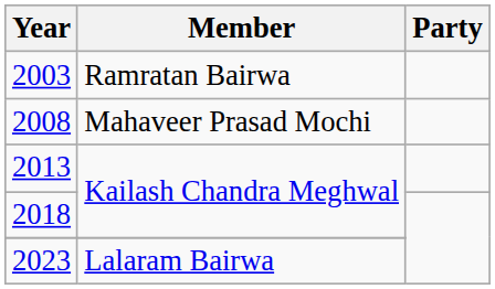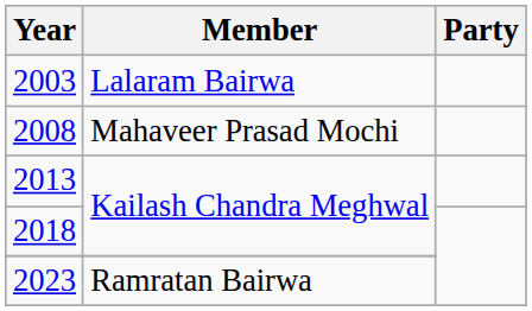 <table class="wikitable sortable">
 <tr>
 <th>Year</th>
 <th>Member</th>
 <th colspan="2">Party</th>
 </tr>
 <tr>
 <td><a href='#'>2003</a></td>
-<td>Ramratan Bairwa</td>
+<td><a href='#'>Lalaram Bairwa</a></td>
 <td></td>
 </tr>
 <tr>
 <td><a href='#'>2008</a></td>
 <td>Mahaveer Prasad Mochi</td>
 <td></td>
 </tr>
 <tr>
 <td><a href='#'>2013</a></td>
 <td rowspan=2><a href='#'>Kailash Chandra Meghwal</a></td>
 <td></td>
 </tr>
 <tr>
 <td><a href='#'>2018</a></td>
 </tr>
 <tr>
 </tr>
 <tr>
 <td><a href='#'>2023</a></td>
-<td><a href='#'>Lalaram Bairwa</a></td>
+<td>Ramratan Bairwa</td>
 </tr>
 </table>
